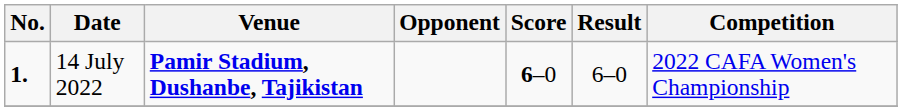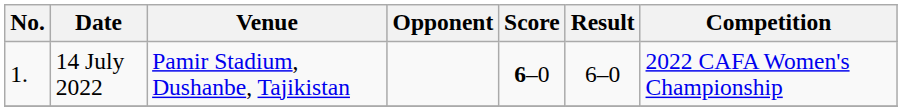 <table class="wikitable">
 <tr>
 <th>No.</th>
 <th>Date</th>
 <th>Venue</th>
 <th>Opponent</th>
 <th>Score</th>
 <th>Result</th>
 <th>Competition</th>
 </tr>
 <tr>
-<td><strong>1.</strong></td>
+<td>1.</td>
 <td>14 July 2022</td>
-<td><strong><a href='#'>Pamir Stadium</a>, <a href='#'>Dushanbe</a>, <a href='#'>Tajikistan</a></strong></td>
+<td><a href='#'>Pamir Stadium</a>, <a href='#'>Dushanbe</a>, <a href='#'>Tajikistan</a></td>
 <td></td>
 <td align=center><strong>6</strong>–0</td>
 <td align=center>6–0</td>
 <td><a href='#'>2022 CAFA Women's Championship</a></td>
 </tr>
 <tr>
 </tr>
 </table>
